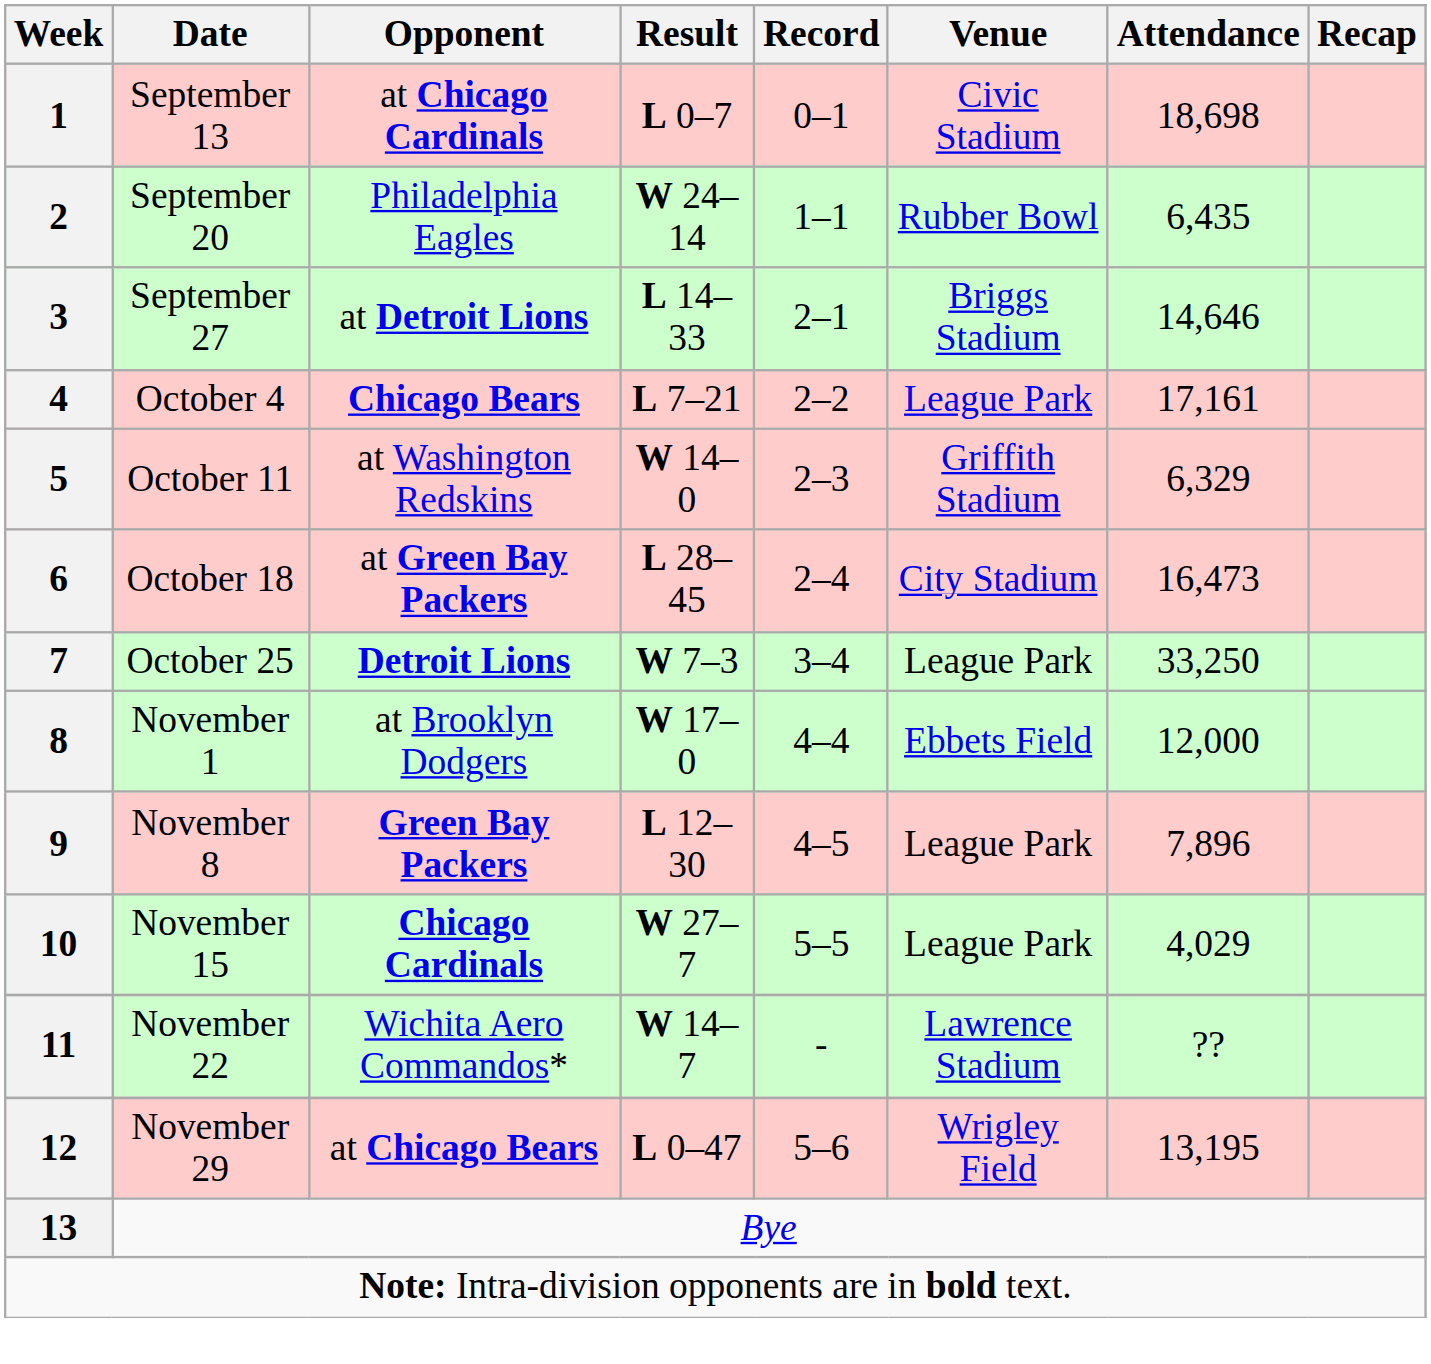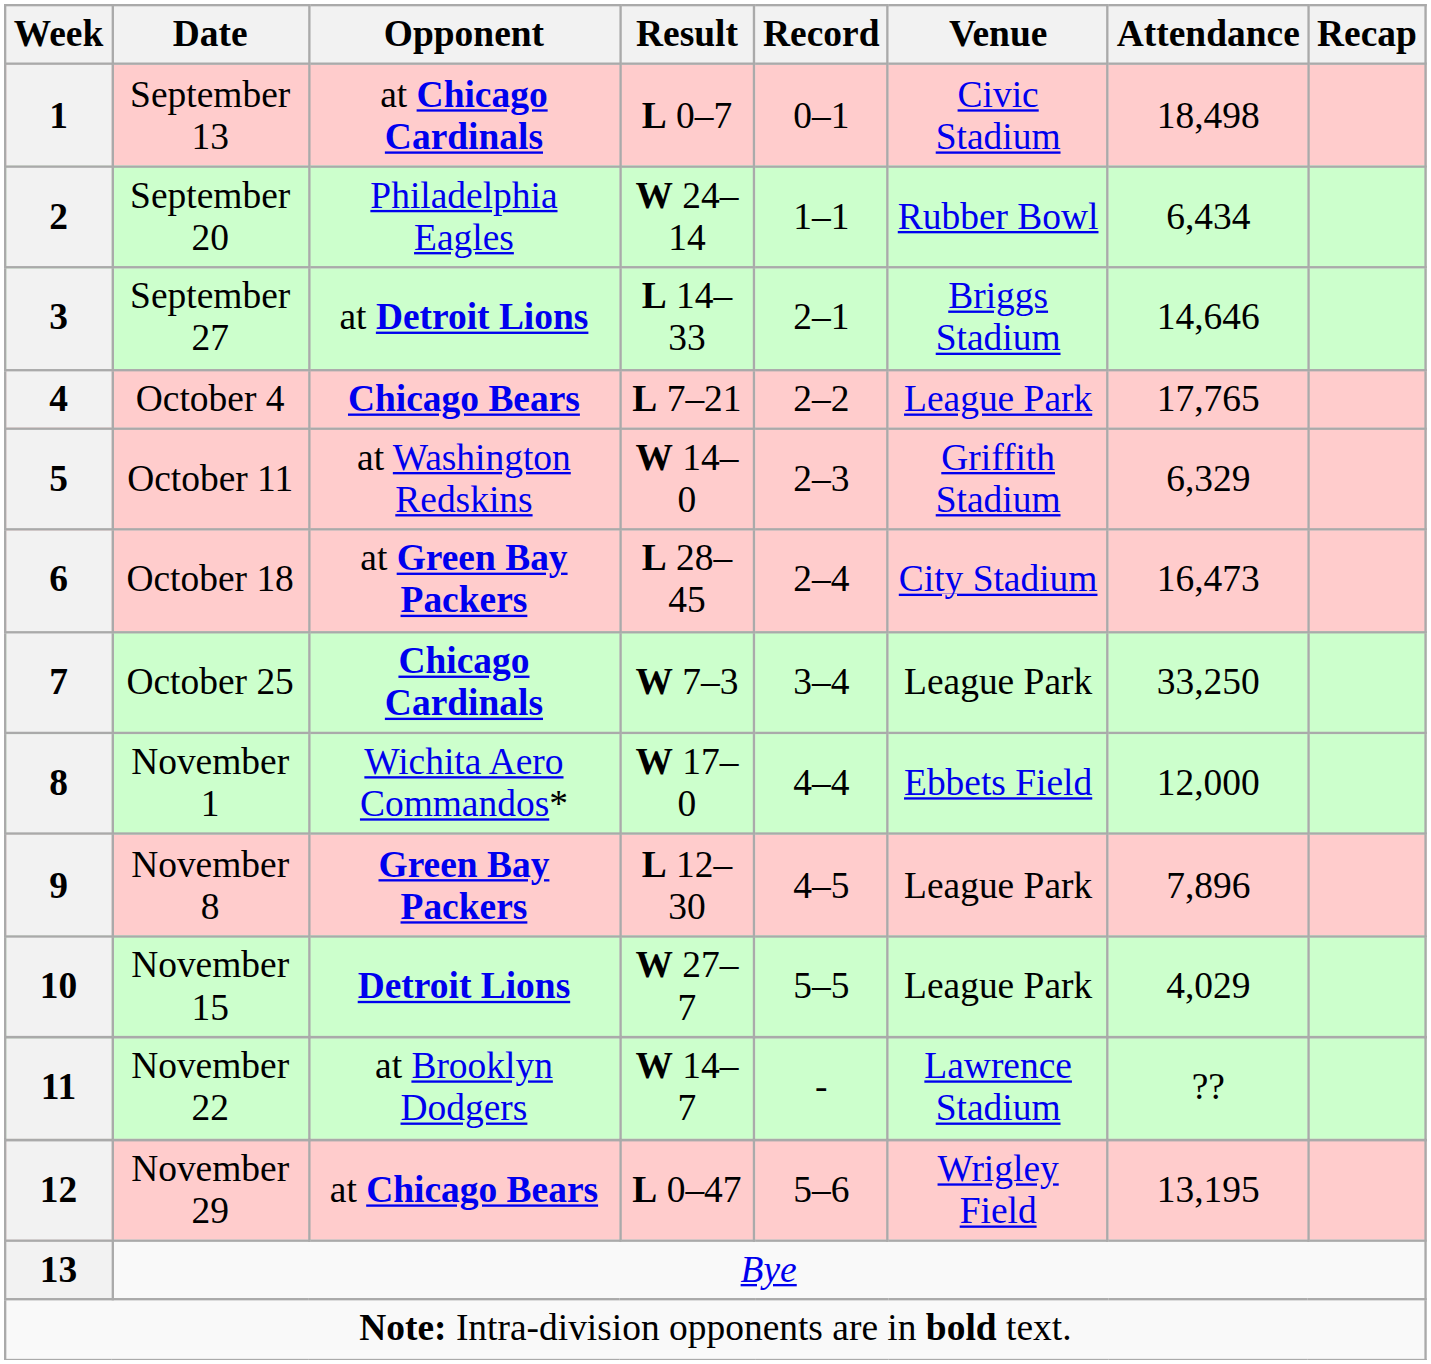 <table class="wikitable" style="text-align:center">
 <tr>
 <th>Week</th>
 <th>Date</th>
 <th>Opponent</th>
 <th>Result</th>
 <th>Record</th>
 <th>Venue</th>
 <th>Attendance</th>
 <th>Recap</th>
 </tr>
 <tr style="background:#fcc">
 <th>1</th>
 <td>September 13</td>
 <td>at <strong><a href='#'>Chicago Cardinals</a></strong></td>
 <td><strong>L</strong> 0–7</td>
 <td>0–1</td>
 <td><a href='#'>Civic Stadium</a></td>
-<td>18,698</td>
+<td>18,498</td>
 <td></td>
 </tr>
 <tr style="background:#cfc">
 <th>2</th>
 <td>September 20</td>
 <td><a href='#'>Philadelphia Eagles</a></td>
 <td><strong>W</strong> 24–14</td>
 <td>1–1</td>
 <td><a href='#'>Rubber Bowl</a></td>
-<td>6,435</td>
+<td>6,434</td>
 <td></td>
 </tr>
 <tr style="background:#cfc">
 <th>3</th>
 <td>September 27</td>
 <td>at <strong><a href='#'>Detroit Lions</a></strong></td>
 <td><strong>L</strong> 14–33</td>
 <td>2–1</td>
 <td><a href='#'>Briggs Stadium</a></td>
 <td>14,646</td>
 <td></td>
 </tr>
 <tr style="background:#fcc">
 <th>4</th>
 <td>October 4</td>
 <td><strong><a href='#'>Chicago Bears</a></strong></td>
 <td><strong>L</strong> 7–21</td>
 <td>2–2</td>
 <td><a href='#'>League Park</a></td>
-<td>17,161</td>
+<td>17,765</td>
 <td></td>
 </tr>
 <tr style="background:#fcc">
 <th>5</th>
 <td>October 11</td>
 <td>at <a href='#'>Washington Redskins</a></td>
 <td><strong>W</strong> 14–0</td>
 <td>2–3</td>
 <td><a href='#'>Griffith Stadium</a></td>
 <td>6,329</td>
 <td></td>
 </tr>
 <tr style="background:#fcc">
 <th>6</th>
 <td>October 18</td>
 <td>at <strong><a href='#'>Green Bay Packers</a></strong></td>
 <td><strong>L</strong> 28–45</td>
 <td>2–4</td>
 <td><a href='#'>City Stadium</a></td>
 <td>16,473</td>
 <td></td>
 </tr>
 <tr style="background:#cfc">
 <th>7</th>
 <td>October 25</td>
-<td><strong><a href='#'>Detroit Lions</a></strong></td>
+<td><strong><a href='#'>Chicago Cardinals</a></strong></td>
 <td><strong>W</strong> 7–3</td>
 <td>3–4</td>
 <td>League Park</td>
 <td>33,250</td>
 <td></td>
 </tr>
 <tr style="background:#cfc">
 <th>8</th>
 <td>November 1</td>
-<td>at <a href='#'>Brooklyn Dodgers</a></td>
+<td><a href='#'>Wichita Aero Commandos</a>*</td>
 <td><strong>W</strong> 17–0</td>
 <td>4–4</td>
 <td><a href='#'>Ebbets Field</a></td>
 <td>12,000</td>
 <td></td>
 </tr>
 <tr style="background:#fcc">
 <th>9</th>
 <td>November 8</td>
 <td><strong><a href='#'>Green Bay Packers</a></strong></td>
 <td><strong>L</strong> 12–30</td>
 <td>4–5</td>
 <td>League Park</td>
 <td>7,896</td>
 <td></td>
 </tr>
 <tr style="background:#cfc">
 <th>10</th>
 <td>November 15</td>
-<td><strong><a href='#'>Chicago Cardinals</a></strong></td>
+<td><strong><a href='#'>Detroit Lions</a></strong></td>
 <td><strong>W</strong> 27–7</td>
 <td>5–5</td>
 <td>League Park</td>
 <td>4,029</td>
 <td></td>
 </tr>
 <tr>
 </tr>
 <tr style="background:#cfc">
 <th>11</th>
 <td>November 22</td>
-<td><a href='#'>Wichita Aero Commandos</a>*</td>
+<td>at <a href='#'>Brooklyn Dodgers</a></td>
 <td><strong>W</strong> 14–7</td>
 <td>-</td>
 <td><a href='#'>Lawrence Stadium</a></td>
 <td>??</td>
 <td></td>
 </tr>
 <tr>
 </tr>
 <tr style="background:#fcc">
 <th>12</th>
 <td>November 29</td>
 <td>at <strong><a href='#'>Chicago Bears</a></strong></td>
 <td><strong>L</strong> 0–47</td>
 <td>5–6</td>
 <td><a href='#'>Wrigley Field</a></td>
 <td>13,195</td>
 <td></td>
 </tr>
 <tr>
 <th>13</th>
 <td colspan="7"><em><a href='#'>Bye</a></em></td>
 </tr>
 <tr>
 <td colspan="8"><strong>Note:</strong> Intra-division opponents are in <strong>bold</strong> text.</td>
 </tr>
 </table>
